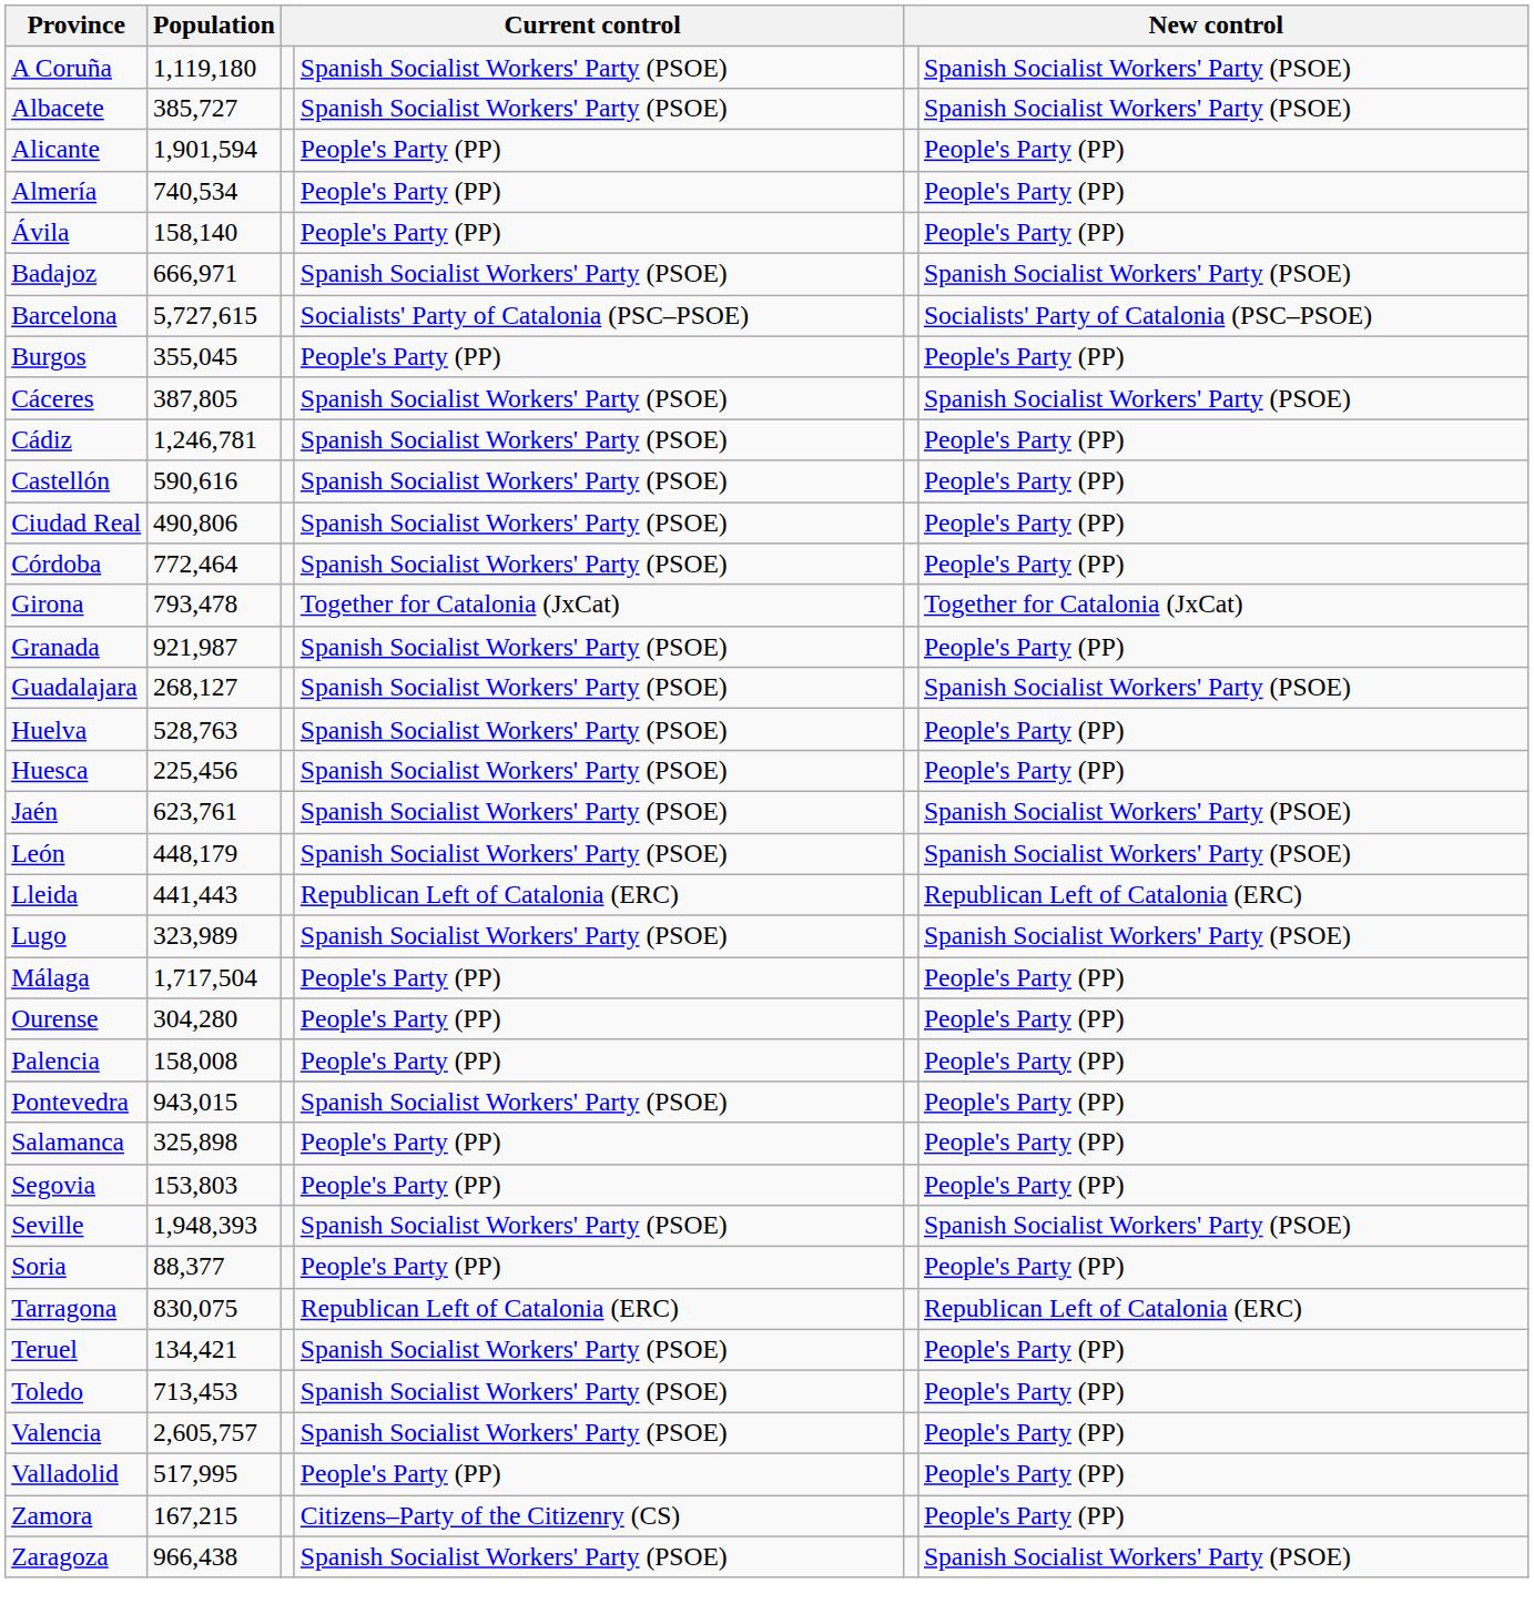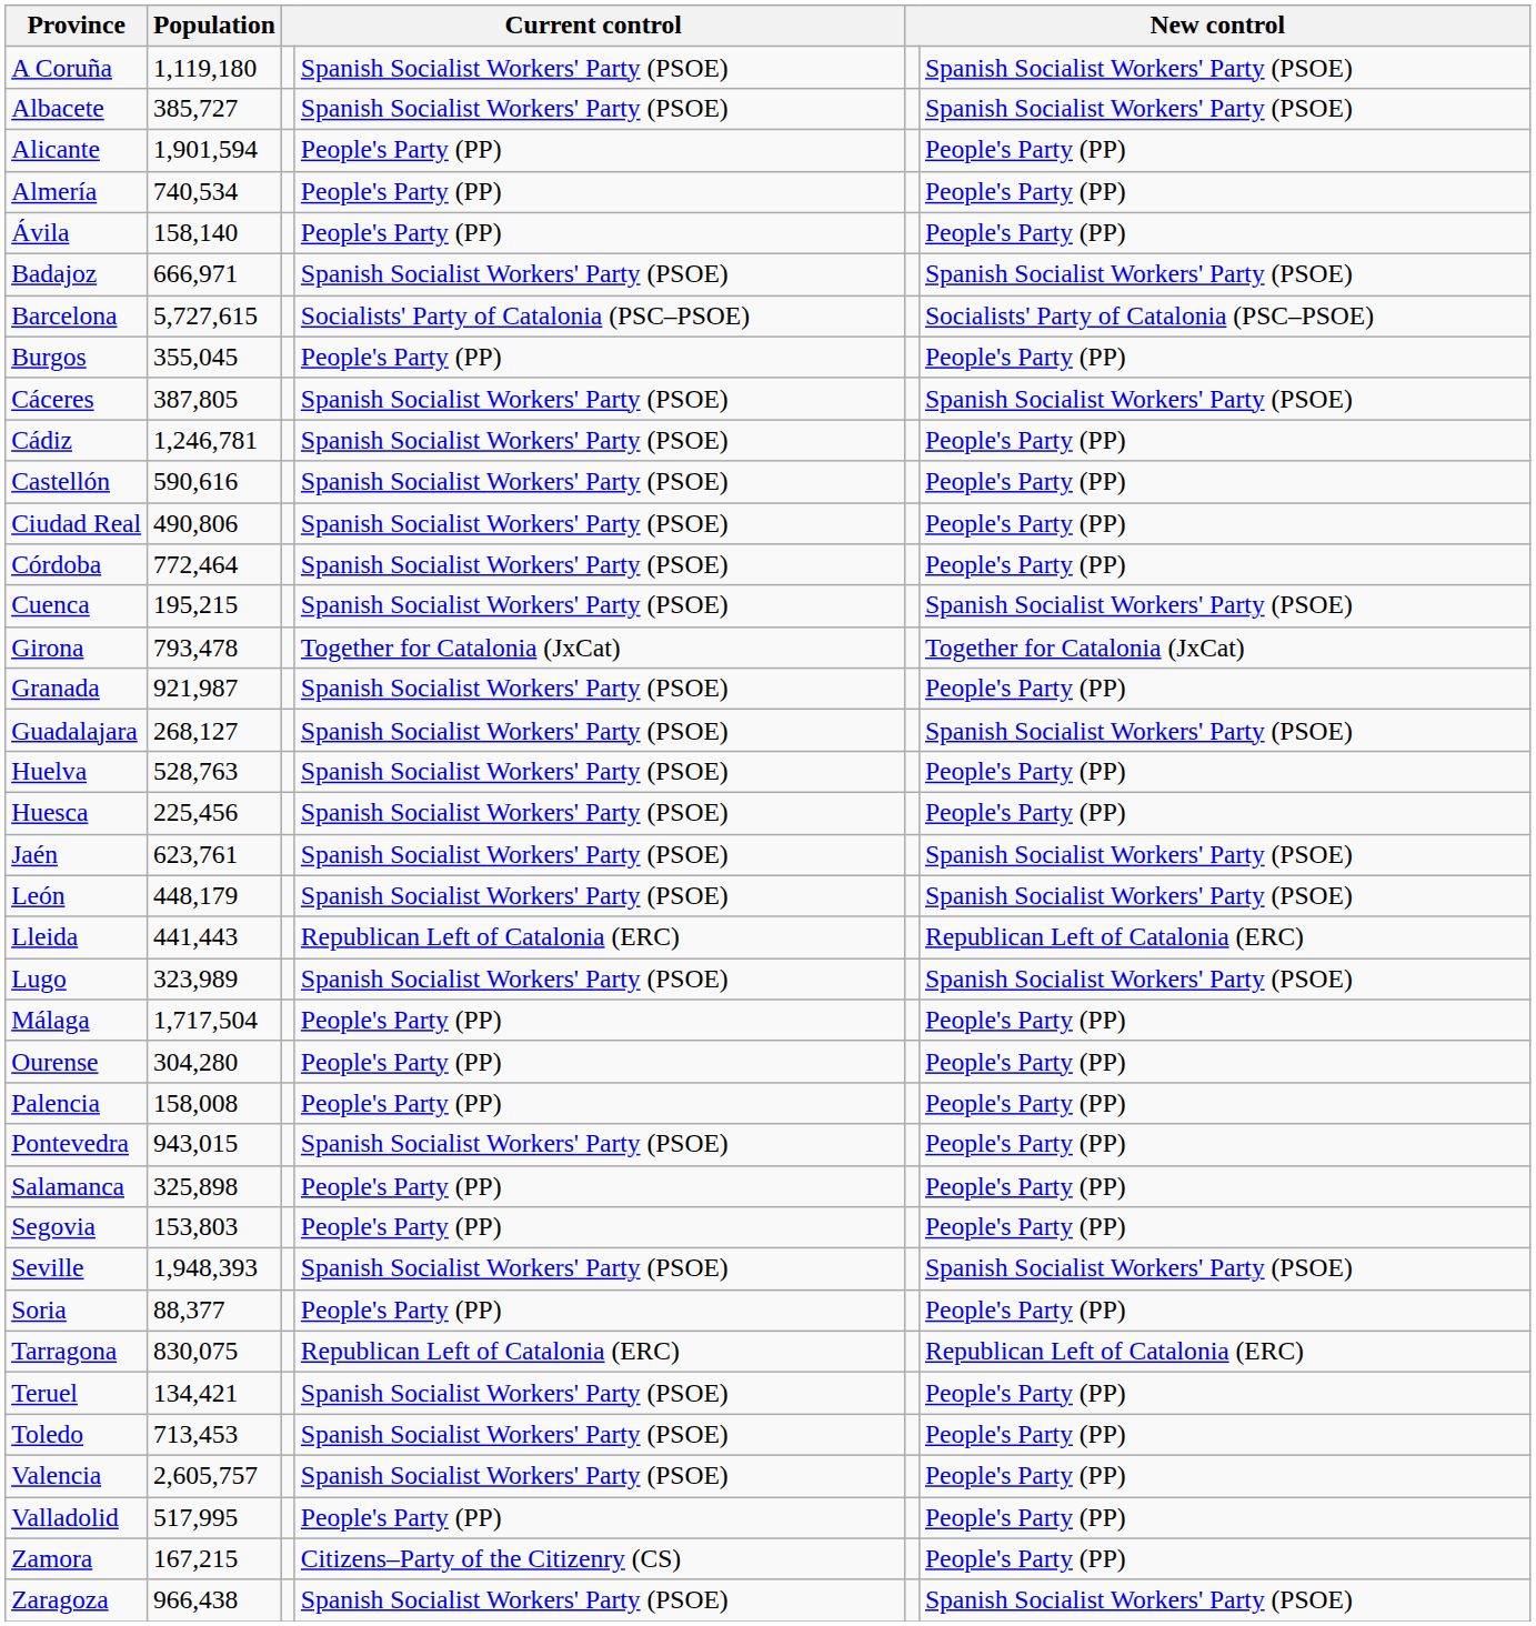 <table class="wikitable sortable">
 <tr>
 <th>Province</th>
 <th>Population</th>
 <th colspan="2" style="width:375px;">Current control</th>
 <th colspan="2" style="width:375px;">New control</th>
 </tr>
 <tr>
 <td><a href='#'>A Coruña</a></td>
 <td>1,119,180</td>
 <td width="1" style="color:inherit;background:"></td>
 <td><a href='#'>Spanish Socialist Workers' Party</a> (PSOE)</td>
 <td width="1" style="color:inherit;background:"></td>
 <td><a href='#'>Spanish Socialist Workers' Party</a> (PSOE)</td>
 </tr>
 <tr>
 <td><a href='#'>Albacete</a></td>
 <td>385,727</td>
 <td style="color:inherit;background:"></td>
 <td><a href='#'>Spanish Socialist Workers' Party</a> (PSOE)</td>
 <td style="color:inherit;background:"></td>
 <td><a href='#'>Spanish Socialist Workers' Party</a> (PSOE)</td>
 </tr>
 <tr>
 <td><a href='#'>Alicante</a></td>
 <td>1,901,594</td>
 <td style="color:inherit;background:"></td>
 <td><a href='#'>People's Party</a> (PP)</td>
 <td style="color:inherit;background:"></td>
 <td><a href='#'>People's Party</a> (PP)</td>
 </tr>
 <tr>
 <td><a href='#'>Almería</a></td>
 <td>740,534</td>
 <td style="color:inherit;background:"></td>
 <td><a href='#'>People's Party</a> (PP)</td>
 <td style="color:inherit;background:"></td>
 <td><a href='#'>People's Party</a> (PP)</td>
 </tr>
 <tr>
 <td><a href='#'>Ávila</a></td>
 <td>158,140</td>
 <td style="color:inherit;background:"></td>
 <td><a href='#'>People's Party</a> (PP)</td>
 <td style="color:inherit;background:"></td>
 <td><a href='#'>People's Party</a> (PP)</td>
 </tr>
 <tr>
 <td><a href='#'>Badajoz</a></td>
 <td>666,971</td>
 <td style="color:inherit;background:"></td>
 <td><a href='#'>Spanish Socialist Workers' Party</a> (PSOE)</td>
 <td style="color:inherit;background:"></td>
 <td><a href='#'>Spanish Socialist Workers' Party</a> (PSOE)</td>
 </tr>
 <tr>
 <td><a href='#'>Barcelona</a></td>
 <td>5,727,615</td>
 <td style="color:inherit;background:"></td>
 <td><a href='#'>Socialists' Party of Catalonia</a> (PSC–PSOE)</td>
 <td style="color:inherit;background:"></td>
 <td><a href='#'>Socialists' Party of Catalonia</a> (PSC–PSOE)</td>
 </tr>
 <tr>
 <td><a href='#'>Burgos</a></td>
 <td>355,045</td>
 <td style="color:inherit;background:"></td>
 <td><a href='#'>People's Party</a> (PP)</td>
 <td style="color:inherit;background:"></td>
 <td><a href='#'>People's Party</a> (PP)</td>
 </tr>
 <tr>
 <td><a href='#'>Cáceres</a></td>
 <td>387,805</td>
 <td style="color:inherit;background:"></td>
 <td><a href='#'>Spanish Socialist Workers' Party</a> (PSOE)</td>
 <td style="color:inherit;background:"></td>
 <td><a href='#'>Spanish Socialist Workers' Party</a> (PSOE)</td>
 </tr>
 <tr>
 <td><a href='#'>Cádiz</a></td>
 <td>1,246,781</td>
 <td style="color:inherit;background:"></td>
 <td><a href='#'>Spanish Socialist Workers' Party</a> (PSOE)</td>
 <td style="color:inherit;background:"></td>
 <td><a href='#'>People's Party</a> (PP)</td>
 </tr>
 <tr>
 <td><a href='#'>Castellón</a></td>
 <td>590,616</td>
 <td style="color:inherit;background:"></td>
 <td><a href='#'>Spanish Socialist Workers' Party</a> (PSOE)</td>
 <td style="color:inherit;background:"></td>
 <td><a href='#'>People's Party</a> (PP)</td>
 </tr>
 <tr>
 <td><a href='#'>Ciudad Real</a></td>
 <td>490,806</td>
 <td style="color:inherit;background:"></td>
 <td><a href='#'>Spanish Socialist Workers' Party</a> (PSOE)</td>
 <td style="color:inherit;background:"></td>
 <td><a href='#'>People's Party</a> (PP)</td>
 </tr>
 <tr>
 <td><a href='#'>Córdoba</a></td>
 <td>772,464</td>
 <td style="color:inherit;background:"></td>
 <td><a href='#'>Spanish Socialist Workers' Party</a> (PSOE)</td>
 <td style="color:inherit;background:"></td>
 <td><a href='#'>People's Party</a> (PP)</td>
+</tr>
+<tr>
+<td><a href='#'>Cuenca</a></td>
+<td>195,215</td>
+<td style="color:inherit;background:"></td>
+<td><a href='#'>Spanish Socialist Workers' Party</a> (PSOE)</td>
+<td style="color:inherit;background:"></td>
+<td><a href='#'>Spanish Socialist Workers' Party</a> (PSOE)</td>
 </tr>
 <tr>
 <td><a href='#'>Girona</a></td>
 <td>793,478</td>
 <td style="color:inherit;background:"></td>
 <td><a href='#'>Together for Catalonia</a> (JxCat)</td>
 <td style="color:inherit;background:"></td>
 <td><a href='#'>Together for Catalonia</a> (JxCat)</td>
 </tr>
 <tr>
 <td><a href='#'>Granada</a></td>
 <td>921,987</td>
 <td style="color:inherit;background:"></td>
 <td><a href='#'>Spanish Socialist Workers' Party</a> (PSOE)</td>
 <td style="color:inherit;background:"></td>
 <td><a href='#'>People's Party</a> (PP)</td>
 </tr>
 <tr>
 <td><a href='#'>Guadalajara</a></td>
 <td>268,127</td>
 <td style="color:inherit;background:"></td>
 <td><a href='#'>Spanish Socialist Workers' Party</a> (PSOE)</td>
 <td style="color:inherit;background:"></td>
 <td><a href='#'>Spanish Socialist Workers' Party</a> (PSOE)</td>
 </tr>
 <tr>
 <td><a href='#'>Huelva</a></td>
 <td>528,763</td>
 <td style="color:inherit;background:"></td>
 <td><a href='#'>Spanish Socialist Workers' Party</a> (PSOE)</td>
 <td style="color:inherit;background:"></td>
 <td><a href='#'>People's Party</a> (PP)</td>
 </tr>
 <tr>
 <td><a href='#'>Huesca</a></td>
 <td>225,456</td>
 <td style="color:inherit;background:"></td>
 <td><a href='#'>Spanish Socialist Workers' Party</a> (PSOE)</td>
 <td style="color:inherit;background:"></td>
 <td><a href='#'>People's Party</a> (PP)</td>
 </tr>
 <tr>
 <td><a href='#'>Jaén</a></td>
 <td>623,761</td>
 <td style="color:inherit;background:"></td>
 <td><a href='#'>Spanish Socialist Workers' Party</a> (PSOE)</td>
 <td style="color:inherit;background:"></td>
 <td><a href='#'>Spanish Socialist Workers' Party</a> (PSOE)</td>
 </tr>
 <tr>
 <td><a href='#'>León</a></td>
 <td>448,179</td>
 <td style="color:inherit;background:"></td>
 <td><a href='#'>Spanish Socialist Workers' Party</a> (PSOE)</td>
 <td style="color:inherit;background:"></td>
 <td><a href='#'>Spanish Socialist Workers' Party</a> (PSOE)</td>
 </tr>
 <tr>
 <td><a href='#'>Lleida</a></td>
 <td>441,443</td>
 <td style="color:inherit;background:"></td>
 <td><a href='#'>Republican Left of Catalonia</a> (ERC)</td>
 <td style="color:inherit;background:"></td>
 <td><a href='#'>Republican Left of Catalonia</a> (ERC)</td>
 </tr>
 <tr>
 <td><a href='#'>Lugo</a></td>
 <td>323,989</td>
 <td style="color:inherit;background:"></td>
 <td><a href='#'>Spanish Socialist Workers' Party</a> (PSOE)</td>
 <td style="color:inherit;background:"></td>
 <td><a href='#'>Spanish Socialist Workers' Party</a> (PSOE)</td>
 </tr>
 <tr>
 <td><a href='#'>Málaga</a></td>
 <td>1,717,504</td>
 <td style="color:inherit;background:"></td>
 <td><a href='#'>People's Party</a> (PP)</td>
 <td style="color:inherit;background:"></td>
 <td><a href='#'>People's Party</a> (PP)</td>
 </tr>
 <tr>
 <td><a href='#'>Ourense</a></td>
 <td>304,280</td>
 <td style="color:inherit;background:"></td>
 <td><a href='#'>People's Party</a> (PP)</td>
 <td style="color:inherit;background:"></td>
 <td><a href='#'>People's Party</a> (PP)</td>
 </tr>
 <tr>
 <td><a href='#'>Palencia</a></td>
 <td>158,008</td>
 <td style="color:inherit;background:"></td>
 <td><a href='#'>People's Party</a> (PP)</td>
 <td style="color:inherit;background:"></td>
 <td><a href='#'>People's Party</a> (PP)</td>
 </tr>
 <tr>
 <td><a href='#'>Pontevedra</a></td>
 <td>943,015</td>
 <td style="color:inherit;background:"></td>
 <td><a href='#'>Spanish Socialist Workers' Party</a> (PSOE)</td>
 <td style="color:inherit;background:"></td>
 <td><a href='#'>People's Party</a> (PP)</td>
 </tr>
 <tr>
 <td><a href='#'>Salamanca</a></td>
 <td>325,898</td>
 <td style="color:inherit;background:"></td>
 <td><a href='#'>People's Party</a> (PP)</td>
 <td style="color:inherit;background:"></td>
 <td><a href='#'>People's Party</a> (PP)</td>
 </tr>
 <tr>
 <td><a href='#'>Segovia</a></td>
 <td>153,803</td>
 <td style="color:inherit;background:"></td>
 <td><a href='#'>People's Party</a> (PP)</td>
 <td style="color:inherit;background:"></td>
 <td><a href='#'>People's Party</a> (PP)</td>
 </tr>
 <tr>
 <td><a href='#'>Seville</a></td>
 <td>1,948,393</td>
 <td style="color:inherit;background:"></td>
 <td><a href='#'>Spanish Socialist Workers' Party</a> (PSOE)</td>
 <td style="color:inherit;background:"></td>
 <td><a href='#'>Spanish Socialist Workers' Party</a> (PSOE)</td>
 </tr>
 <tr>
 <td><a href='#'>Soria</a></td>
 <td>88,377</td>
 <td style="color:inherit;background:"></td>
 <td><a href='#'>People's Party</a> (PP)</td>
 <td style="color:inherit;background:"></td>
 <td><a href='#'>People's Party</a> (PP)</td>
 </tr>
 <tr>
 <td><a href='#'>Tarragona</a></td>
 <td>830,075</td>
 <td style="color:inherit;background:"></td>
 <td><a href='#'>Republican Left of Catalonia</a> (ERC)</td>
 <td style="color:inherit;background:"></td>
 <td><a href='#'>Republican Left of Catalonia</a> (ERC)</td>
 </tr>
 <tr>
 <td><a href='#'>Teruel</a></td>
 <td>134,421</td>
 <td style="color:inherit;background:"></td>
 <td><a href='#'>Spanish Socialist Workers' Party</a> (PSOE)</td>
 <td style="color:inherit;background:"></td>
 <td><a href='#'>People's Party</a> (PP)</td>
 </tr>
 <tr>
 <td><a href='#'>Toledo</a></td>
 <td>713,453</td>
 <td style="color:inherit;background:"></td>
 <td><a href='#'>Spanish Socialist Workers' Party</a> (PSOE)</td>
 <td style="color:inherit;background:"></td>
 <td><a href='#'>People's Party</a> (PP)</td>
 </tr>
 <tr>
 <td><a href='#'>Valencia</a></td>
 <td>2,605,757</td>
 <td style="color:inherit;background:"></td>
 <td><a href='#'>Spanish Socialist Workers' Party</a> (PSOE)</td>
 <td style="color:inherit;background:"></td>
 <td><a href='#'>People's Party</a> (PP)</td>
 </tr>
 <tr>
 <td><a href='#'>Valladolid</a></td>
 <td>517,995</td>
 <td style="color:inherit;background:"></td>
 <td><a href='#'>People's Party</a> (PP)</td>
 <td style="color:inherit;background:"></td>
 <td><a href='#'>People's Party</a> (PP)</td>
 </tr>
 <tr>
 <td><a href='#'>Zamora</a></td>
 <td>167,215</td>
 <td style="color:inherit;background:"></td>
 <td><a href='#'>Citizens–Party of the Citizenry</a> (CS)</td>
 <td style="color:inherit;background:"></td>
 <td><a href='#'>People's Party</a> (PP)</td>
 </tr>
 <tr>
 <td><a href='#'>Zaragoza</a></td>
 <td>966,438</td>
 <td style="color:inherit;background:"></td>
 <td><a href='#'>Spanish Socialist Workers' Party</a> (PSOE)</td>
 <td style="color:inherit;background:"></td>
 <td><a href='#'>Spanish Socialist Workers' Party</a> (PSOE)</td>
 </tr>
 </table>
